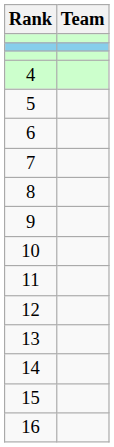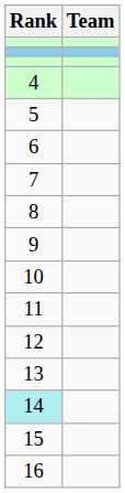 <table class="wikitable" style="text-align:center">
 <tr>
 <th>Rank</th>
 <th>Team</th>
 </tr>
 <tr bgcolor=#ccffcc>
 <td></td>
 <td align=left></td>
 </tr>
 <tr bgcolor=skyblue>
 <td></td>
 <td align=left></td>
 </tr>
 <tr bgcolor=#ccffcc>
 <td></td>
 <td align=left></td>
 </tr>
 <tr bgcolor=#ccffcc>
 <td>4</td>
 <td align=left></td>
 </tr>
 <tr>
 <td>5</td>
 <td align=left></td>
 </tr>
 <tr>
 <td>6</td>
 <td align=left></td>
 </tr>
 <tr>
 <td>7</td>
 <td align=left></td>
 </tr>
 <tr>
 <td>8</td>
 <td align=left></td>
 </tr>
 <tr>
 <td>9</td>
 <td align=left></td>
 </tr>
 <tr>
 <td>10</td>
 <td align=left></td>
 </tr>
 <tr>
 <td>11</td>
 <td align=left></td>
 </tr>
 <tr>
 <td>12</td>
 <td align=left></td>
 </tr>
 <tr>
 <td>13</td>
 <td align=left></td>
 </tr>
 <tr>
-<td>14</td>
+<td style="background: paleturquoise;">14</td>
 <td align=left></td>
 </tr>
 <tr>
 <td>15</td>
 <td align=left></td>
 </tr>
 <tr>
 <td>16</td>
 <td align=left></td>
 </tr>
 </table>
